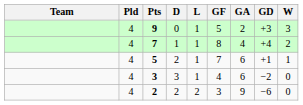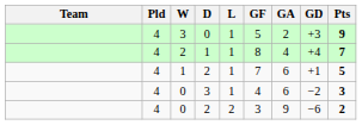 <table class="wikitable" style="text-align: center;">
 <tr>
 <th width="175">Team</th>
 <th width="30">Pld</th>
-<th width="30">Pts</th>
+<th width="25">W</th>
 <th width="25">D</th>
 <th width="25">L</th>
 <th width="30">GF</th>
 <th width="30">GA</th>
 <th width="30">GD</th>
-<th width="25">W</th>
+<th width="30">Pts</th>
 </tr>
 <tr bgcolor="#ccffcc">
 <td align=left></td>
 <td>4</td>
-<td><strong>9</strong></td>
+<td>3</td>
 <td>0</td>
 <td>1</td>
 <td>5</td>
 <td>2</td>
 <td>+3</td>
-<td>3</td>
+<td><strong>9</strong></td>
 </tr>
 <tr bgcolor="#ccffcc">
 <td align=left></td>
 <td>4</td>
-<td><strong>7</strong></td>
+<td>2</td>
 <td>1</td>
 <td>1</td>
 <td>8</td>
 <td>4</td>
 <td>+4</td>
-<td>2</td>
+<td><strong>7</strong></td>
 </tr>
 <tr>
 <td align=left></td>
 <td>4</td>
-<td><strong>5</strong></td>
+<td>1</td>
 <td>2</td>
 <td>1</td>
 <td>7</td>
 <td>6</td>
 <td>+1</td>
-<td>1</td>
+<td><strong>5</strong></td>
 </tr>
 <tr>
 <td align=left></td>
 <td>4</td>
-<td><strong>3</strong></td>
+<td>0</td>
 <td>3</td>
 <td>1</td>
 <td>4</td>
 <td>6</td>
 <td>−2</td>
-<td>0</td>
+<td><strong>3</strong></td>
 </tr>
 <tr>
 <td align=left></td>
 <td>4</td>
-<td><strong>2</strong></td>
+<td>0</td>
 <td>2</td>
 <td>2</td>
 <td>3</td>
 <td>9</td>
 <td>−6</td>
-<td>0</td>
+<td><strong>2</strong></td>
 </tr>
 </table>
